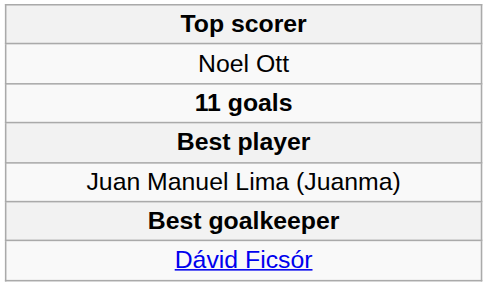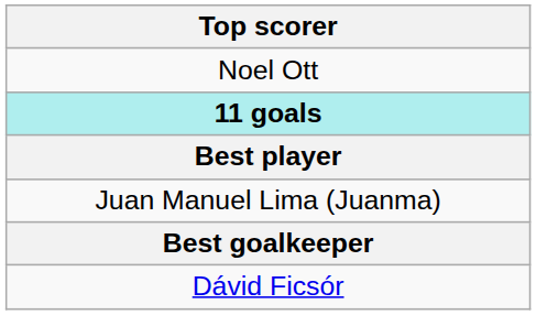 <table class="wikitable" style="margin: 1em auto 1em auto;">
 <tr>
 <th width=300>Top scorer</th>
 </tr>
 <tr align=center style="background:">
 <td style="text-align:center;"> Noel Ott</td>
 </tr>
 <tr>
-<td style="text-align:center;"><strong>11 goals</strong></td>
+<td style="background: paleturquoise; text-align:center;"><strong>11 goals</strong></td>
 </tr>
 <tr>
 <th>Best player</th>
 </tr>
 <tr>
 <td style="text-align:center;"> Juan Manuel Lima (Juanma)</td>
 </tr>
 <tr>
 <th>Best goalkeeper</th>
 </tr>
 <tr>
 <td style="text-align:center;"> <a href='#'>Dávid Ficsór</a></td>
 </tr>
 </table>
